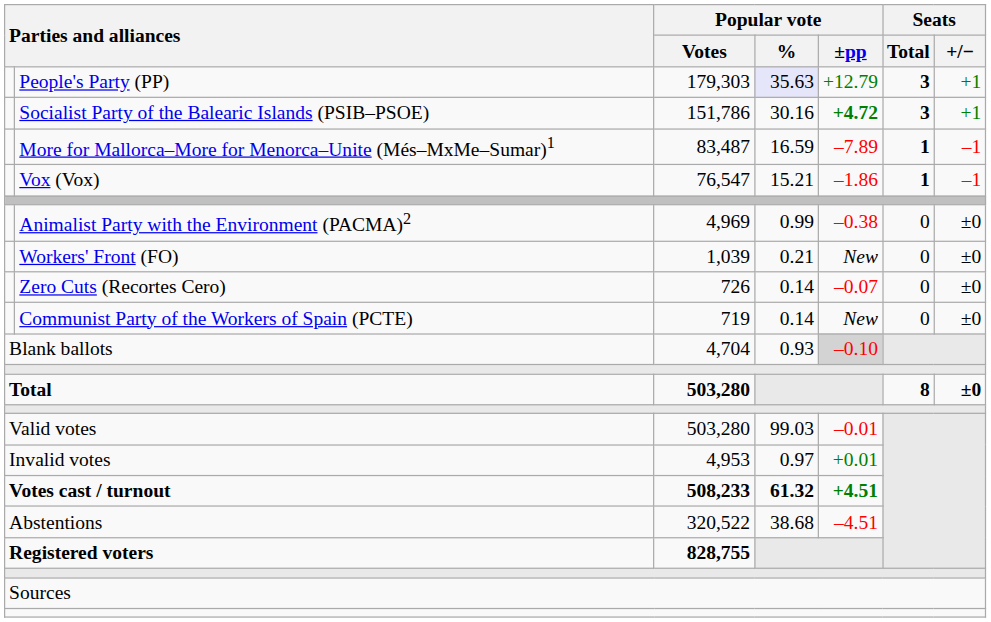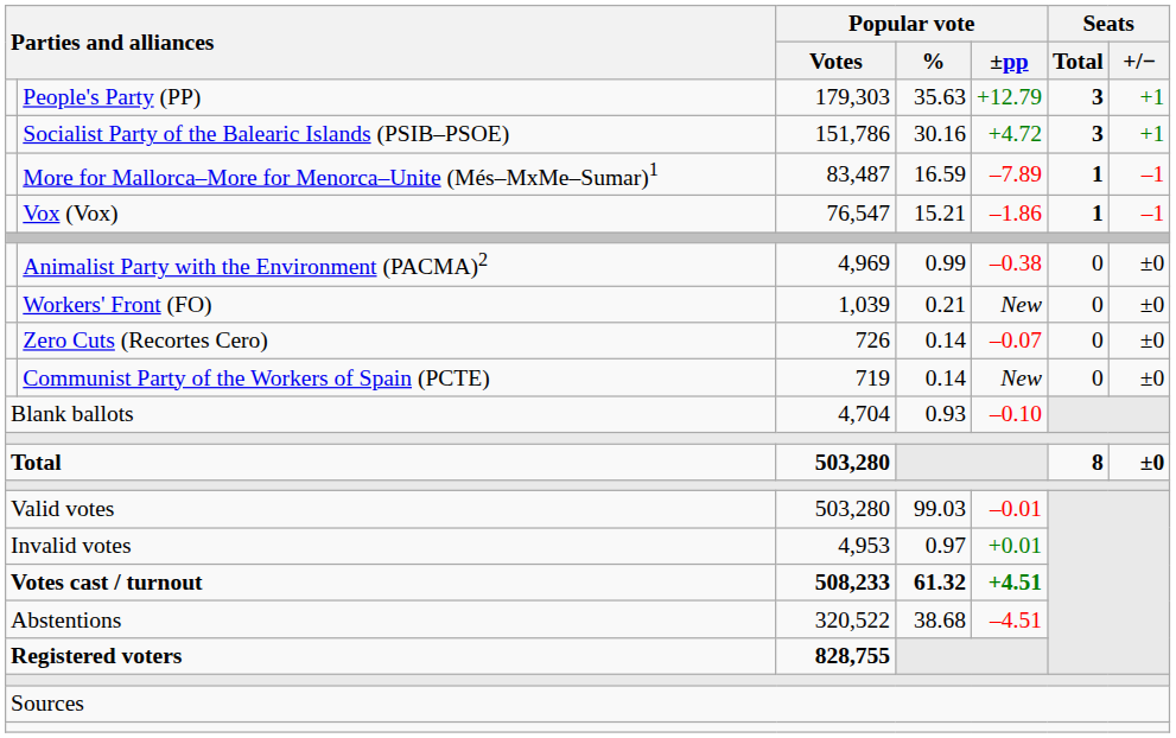 <table class="wikitable" style="text-align:right;">
 <tr>
 <th style="text-align:left;" rowspan="2" colspan="2" width="525">Parties and alliances</th>
 <th colspan="3">Popular vote</th>
 <th colspan="2">Seats</th>
 </tr>
 <tr>
 <th width="75">Votes</th>
 <th width="45">%</th>
 <th width="45">±<a href='#'>pp</a></th>
 <th width="35">Total</th>
 <th width="35">+/−</th>
 </tr>
 <tr>
 <td width="1" style="color:inherit;background:"></td>
 <td align="left"><a href='#'>People's Party</a> (PP)</td>
 <td>179,303</td>
-<td style="background: lavender;">35.63</td>
+<td>35.63</td>
 <td style="color:green;">+12.79</td>
 <td><strong>3</strong></td>
 <td style="color:green;">+1</td>
 </tr>
 <tr>
 <td style="color:inherit;background:"></td>
 <td align="left"><a href='#'>Socialist Party of the Balearic Islands</a> (PSIB–PSOE)</td>
 <td>151,786</td>
 <td>30.16</td>
-<td style="color:green;"><strong>+4.72</strong></td>
+<td style="color:green;">+4.72</td>
 <td><strong>3</strong></td>
 <td style="color:green;">+1</td>
 </tr>
 <tr>
 <td style="color:inherit;background:"></td>
 <td align="left"><a href='#'>More for Mallorca–More for Menorca–Unite</a> (Més–MxMe–Sumar)<sup>1</sup></td>
 <td>83,487</td>
 <td>16.59</td>
 <td style="color:red;">–7.89</td>
 <td><strong>1</strong></td>
 <td style="color:red;">–1</td>
 </tr>
 <tr>
 <td style="color:inherit;background:"></td>
 <td align="left"><a href='#'>Vox</a> (Vox)</td>
 <td>76,547</td>
 <td>15.21</td>
 <td style="color:red;">–1.86</td>
 <td><strong>1</strong></td>
 <td style="color:red;">–1</td>
 </tr>
 <tr>
 <td colspan="7" bgcolor="#C0C0C0"></td>
 </tr>
 <tr>
 <td style="color:inherit;background:"></td>
 <td align="left"><a href='#'>Animalist Party with the Environment</a> (PACMA)<sup>2</sup></td>
 <td>4,969</td>
 <td>0.99</td>
 <td style="color:red;">–0.38</td>
 <td>0</td>
 <td>±0</td>
 </tr>
 <tr>
 <td style="color:inherit;background:"></td>
 <td align="left"><a href='#'>Workers' Front</a> (FO)</td>
 <td>1,039</td>
 <td>0.21</td>
 <td><em>New</em></td>
 <td>0</td>
 <td>±0</td>
 </tr>
 <tr>
 <td style="color:inherit;background:"></td>
 <td align="left"><a href='#'>Zero Cuts</a> (Recortes Cero)</td>
 <td>726</td>
 <td>0.14</td>
 <td style="color:red;">–0.07</td>
 <td>0</td>
 <td>±0</td>
 </tr>
 <tr>
 <td style="color:inherit;background:"></td>
 <td align="left"><a href='#'>Communist Party of the Workers of Spain</a> (PCTE)</td>
 <td>719</td>
 <td>0.14</td>
 <td><em>New</em></td>
 <td>0</td>
 <td>±0</td>
 </tr>
 <tr>
 <td align="left" colspan="2">Blank ballots</td>
 <td>4,704</td>
 <td>0.93</td>
-<td style="background: lightgrey; color:red;">–0.10</td>
+<td style="color:red;">–0.10</td>
 <td bgcolor="#E9E9E9" colspan="2"></td>
 </tr>
 <tr>
 <td colspan="7" bgcolor="#E9E9E9"></td>
 </tr>
 <tr style="font-weight:bold;">
 <td align="left" colspan="2">Total</td>
 <td>503,280</td>
 <td bgcolor="#E9E9E9" colspan="2"></td>
 <td>8</td>
 <td>±0</td>
 </tr>
 <tr>
 <td colspan="7" bgcolor="#E9E9E9"></td>
 </tr>
 <tr>
 <td align="left" colspan="2">Valid votes</td>
 <td>503,280</td>
 <td>99.03</td>
 <td style="color:red;">–0.01</td>
 <td bgcolor="#E9E9E9" colspan="2" rowspan="5"></td>
 </tr>
 <tr>
 <td align="left" colspan="2">Invalid votes</td>
 <td>4,953</td>
 <td>0.97</td>
 <td style="color:green;">+0.01</td>
 </tr>
 <tr style="font-weight:bold;">
 <td align="left" colspan="2">Votes cast / turnout</td>
 <td>508,233</td>
 <td>61.32</td>
 <td style="color:green;">+4.51</td>
 </tr>
 <tr>
 <td align="left" colspan="2">Abstentions</td>
 <td>320,522</td>
 <td>38.68</td>
 <td style="color:red;">–4.51</td>
 </tr>
 <tr style="font-weight:bold;">
 <td align="left" colspan="2">Registered voters</td>
 <td>828,755</td>
 <td bgcolor="#E9E9E9" colspan="2"></td>
 </tr>
 <tr>
 <td colspan="7" bgcolor="#E9E9E9"></td>
 </tr>
 <tr>
 <td align="left" colspan="7">Sources</td>
 </tr>
 <tr>
 <td colspan="7" style="text-align:left; max-width:790px;"></td>
 </tr>
 </table>
